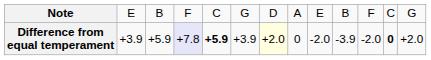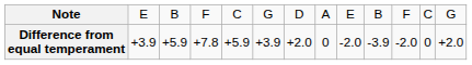 <table class="wikitable" style="margin:2.5em auto; text-align:center">
 <tr>
 <th>Note</th>
 <td>E</td>
 <td>B</td>
 <td>F</td>
 <td>C</td>
 <td>G</td>
 <td>D</td>
 <td> A </td>
 <td>E</td>
 <td>B</td>
 <td>F</td>
 <td>C</td>
 <td>G</td>
 </tr>
 <tr>
 <th>Difference from<br>equal temperament</th>
 <td>+3.9</td>
 <td>+5.9</td>
-<td style="background: lavender;">+7.8</td>
-<td><strong>+5.9</strong></td>
+<td>+7.8</td>
+<td>+5.9</td>
 <td>+3.9</td>
-<td style="background: lightyellow;">+2.0</td>
+<td>+2.0</td>
 <td>0</td>
 <td>-2.0</td>
 <td>-3.9</td>
 <td>-2.0</td>
-<td><strong>0</strong></td>
+<td>0</td>
 <td>+2.0</td>
 </tr>
 </table>
